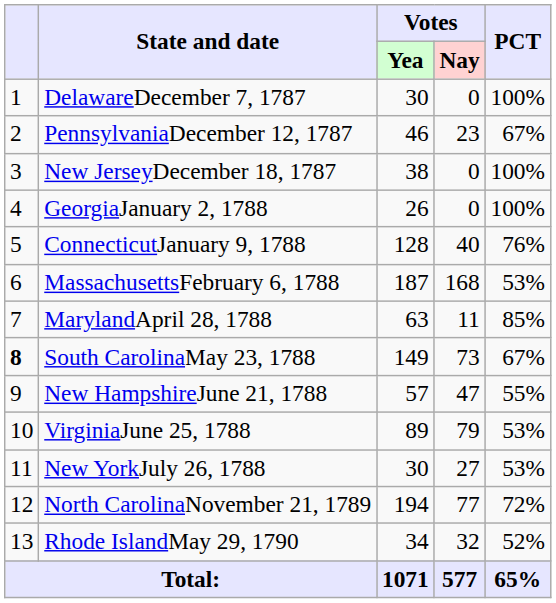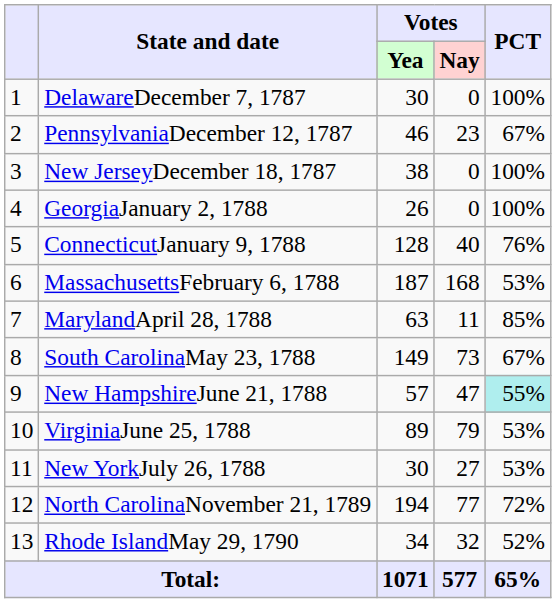 <table class="wikitable sortable">
 <tr>
 <th rowspan=2 style="background-color:#e6e6ff;"></th>
 <th rowspan=2 style="background-color:#e6e6ff;">State and date</th>
 <th colspan=2 style="background-color:#e6e6ff;">Votes</th>
 <th rowspan=2 style="background-color:#e6e6ff;"><abbr>PCT</abbr></th>
 </tr>
 <tr>
 <th style="background-color:#d2ffd2">Yea</th>
 <th style="background-color:#ffd2d2">Nay</th>
 </tr>
 <tr>
 <td>1</td>
 <td><a href='#'>Delaware</a>December 7, 1787</td>
 <td align="right">30</td>
 <td align="right">0</td>
 <td align="right">100%</td>
 </tr>
 <tr>
 <td>2</td>
 <td><a href='#'>Pennsylvania</a>December 12, 1787</td>
 <td align="right">46</td>
 <td align="right">23</td>
 <td align="right">67%</td>
 </tr>
 <tr>
 <td>3</td>
 <td><a href='#'>New Jersey</a>December 18, 1787</td>
 <td align="right">38</td>
 <td align="right">0</td>
 <td align="right">100%</td>
 </tr>
 <tr>
 <td>4</td>
 <td><a href='#'>Georgia</a>January 2, 1788</td>
 <td align="right">26</td>
 <td align="right">0</td>
 <td align="right">100%</td>
 </tr>
 <tr>
 <td>5</td>
 <td><a href='#'>Connecticut</a>January 9, 1788</td>
 <td align="right">128</td>
 <td align="right">40</td>
 <td align="right">76%</td>
 </tr>
 <tr>
 <td>6</td>
 <td><a href='#'>Massachusetts</a>February 6, 1788</td>
 <td align="right">187</td>
 <td align="right">168</td>
 <td align="right">53%</td>
 </tr>
 <tr>
 <td>7</td>
 <td><a href='#'>Maryland</a>April 28, 1788</td>
 <td align="right">63</td>
 <td align="right">11</td>
 <td align="right">85%</td>
 </tr>
 <tr>
-<td><strong>8</strong></td>
+<td>8</td>
 <td><a href='#'>South Carolina</a>May 23, 1788</td>
 <td align="right">149</td>
 <td align="right">73</td>
 <td align="right">67%</td>
 </tr>
 <tr>
 <td>9</td>
 <td><a href='#'>New Hampshire</a>June 21, 1788</td>
 <td align="right">57</td>
 <td align="right">47</td>
-<td align="right">55%</td>
+<td align="right" style="background: paleturquoise;">55%</td>
 </tr>
 <tr>
 <td>10</td>
 <td><a href='#'>Virginia</a>June 25, 1788</td>
 <td align="right">89</td>
 <td align="right">79</td>
 <td align="right">53%</td>
 </tr>
 <tr>
 <td>11</td>
 <td><a href='#'>New York</a>July 26, 1788</td>
 <td align="right">30</td>
 <td align="right">27</td>
 <td align="right">53%</td>
 </tr>
 <tr>
 <td>12</td>
 <td><a href='#'>North Carolina</a>November 21, 1789</td>
 <td align="right">194</td>
 <td align="right">77</td>
 <td align="right">72%</td>
 </tr>
 <tr>
 <td>13</td>
 <td><a href='#'>Rhode Island</a>May 29, 1790</td>
 <td align="right">34</td>
 <td align="right">32</td>
 <td align="right">52%</td>
 </tr>
 <tr>
 <th colspan="2" style="background-color:#e6e6ff;">Total:</th>
 <th style="background-color:#e6e6ff;">1071</th>
 <th style="background-color:#e6e6ff;">577</th>
 <th style="background-color:#e6e6ff;">65%</th>
 </tr>
 </table>
